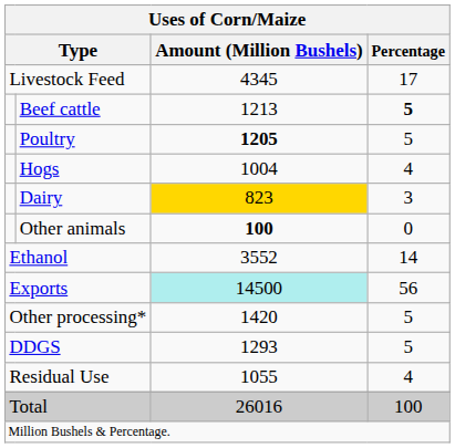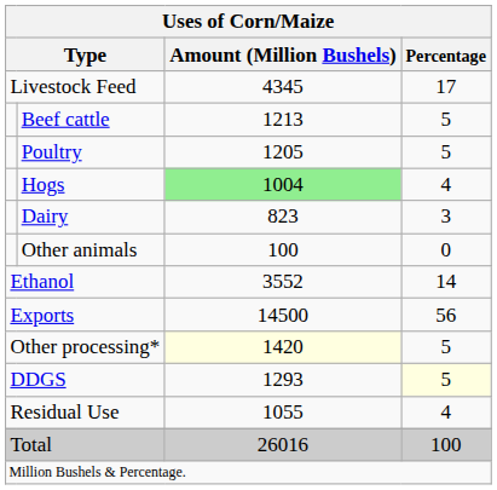 <table class="wikitable" align="center" style="clear:left">
 <tr>
 <th colspan="4">Uses of Corn/Maize</th>
 </tr>
 <tr>
 <th colspan="2">Type</th>
 <th>Amount (Million <a href='#'>Bushels</a>)</th>
 <th><small>Percentage</small></th>
 </tr>
 <tr style="background:XDD0">
 <td colspan="2">Livestock Feed</td>
 <td align="center">4345</td>
 <td align="center">17</td>
 </tr>
 <tr>
 <td></td>
 <td><a href='#'>Beef cattle</a></td>
 <td align="center">1213</td>
-<td align="center"><strong>5</strong></td>
+<td align="center">5</td>
 </tr>
 <tr>
 <td></td>
 <td><a href='#'>Poultry</a></td>
-<td align="center"><strong>1205</strong></td>
+<td align="center">1205</td>
 <td align="center">5</td>
 </tr>
 <tr>
 <td></td>
 <td><a href='#'>Hogs</a></td>
-<td align="center">1004</td>
+<td align="center" style="background: lightgreen;">1004</td>
 <td align="center">4</td>
 </tr>
 <tr>
 <td></td>
 <td><a href='#'>Dairy</a></td>
-<td align="center" style="background: gold;">823</td>
+<td align="center">823</td>
 <td align="center">3</td>
 </tr>
 <tr>
 <td></td>
 <td>Other animals</td>
-<td align="center"><strong>100</strong></td>
+<td align="center">100</td>
 <td align="center">0</td>
 </tr>
 <tr>
 <td colspan="2"><a href='#'>Ethanol</a></td>
 <td align="center">3552</td>
 <td align="center">14</td>
 </tr>
 <tr>
 <td colspan="2"><a href='#'>Exports</a></td>
-<td align="center" style="background: paleturquoise;">14500</td>
+<td align="center">14500</td>
 <td align="center">56</td>
 </tr>
 <tr>
 <td colspan="2">Other processing*</td>
-<td align="center">1420</td>
+<td align="center" style="background: lightyellow;">1420</td>
 <td align="center">5</td>
 </tr>
 <tr>
 <td colspan="2"><a href='#'>DDGS</a></td>
 <td align="center">1293</td>
-<td align="center">5</td>
+<td align="center" style="background: lightyellow;">5</td>
 </tr>
 <tr>
 <td colspan="2">Residual Use</td>
 <td align="center">1055</td>
 <td align="center">4</td>
 </tr>
 <tr>
 </tr>
 <tr bgcolor="#CCCCCC">
 <td colspan="2">Total</td>
 <td align="center">26016</td>
 <td align="center">100</td>
 </tr>
 <tr>
 <td colspan="5" style="font-size:.7em">Million Bushels & Percentage.</td>
 </tr>
 </table>
